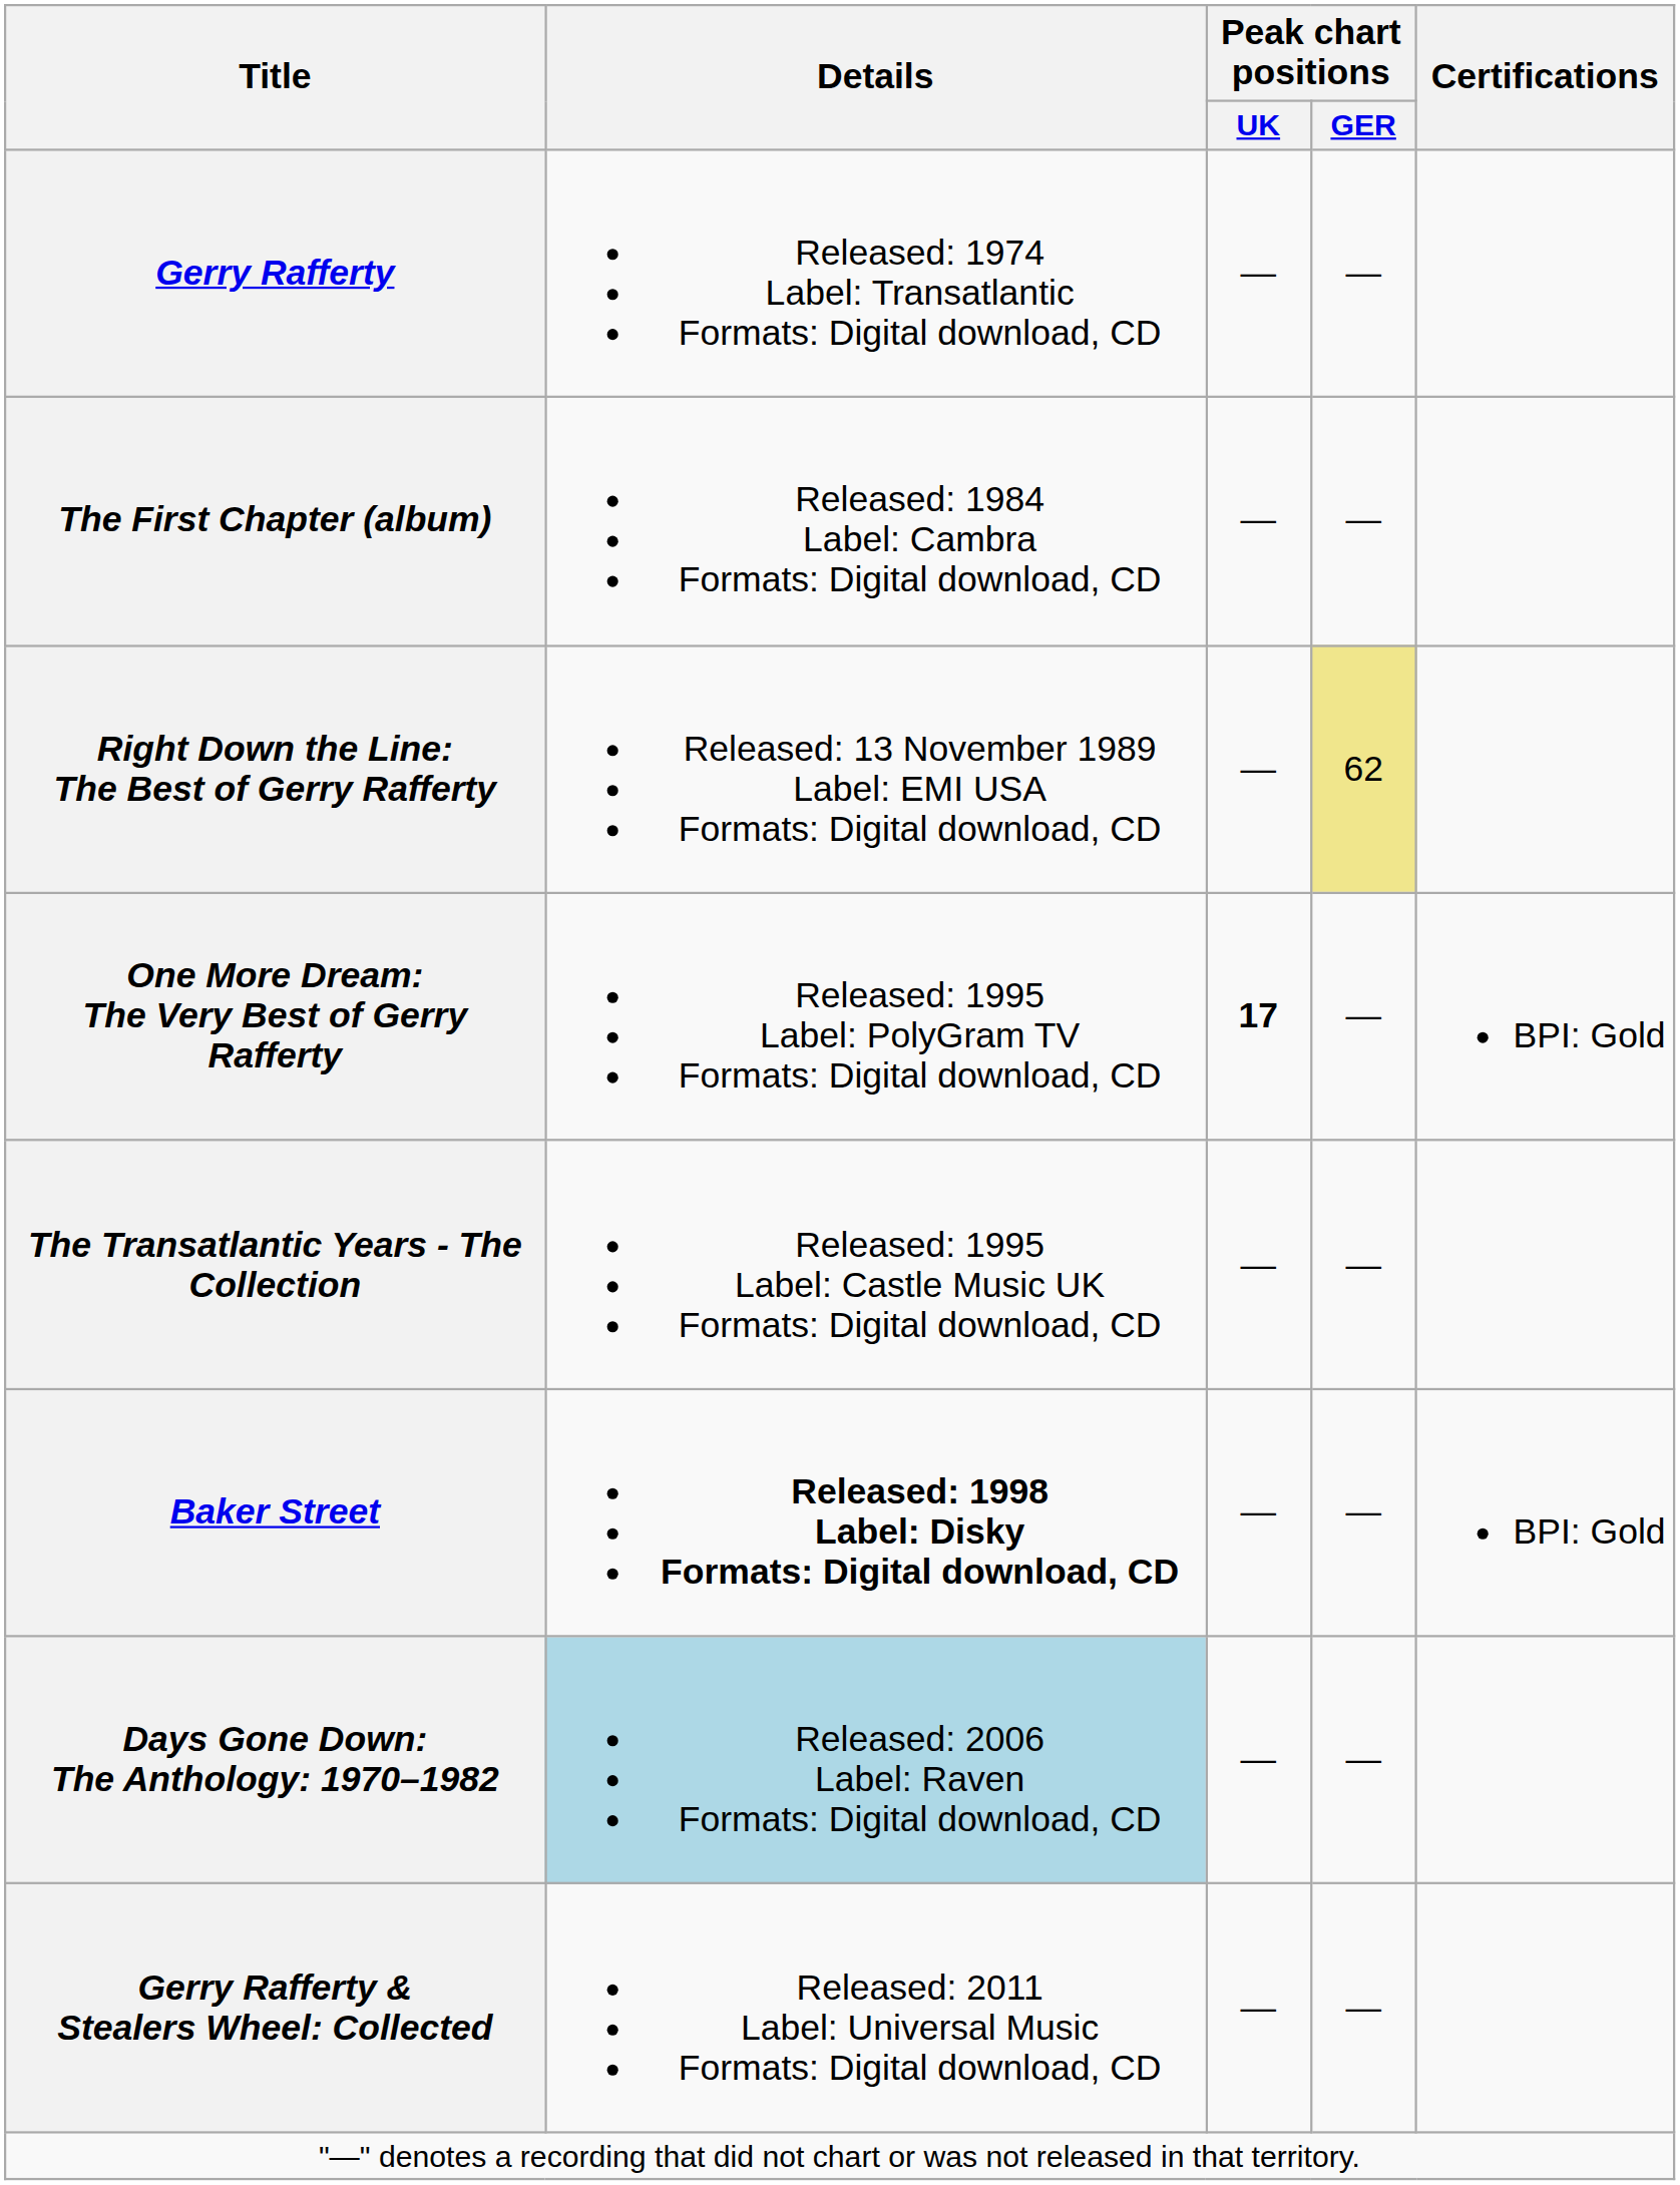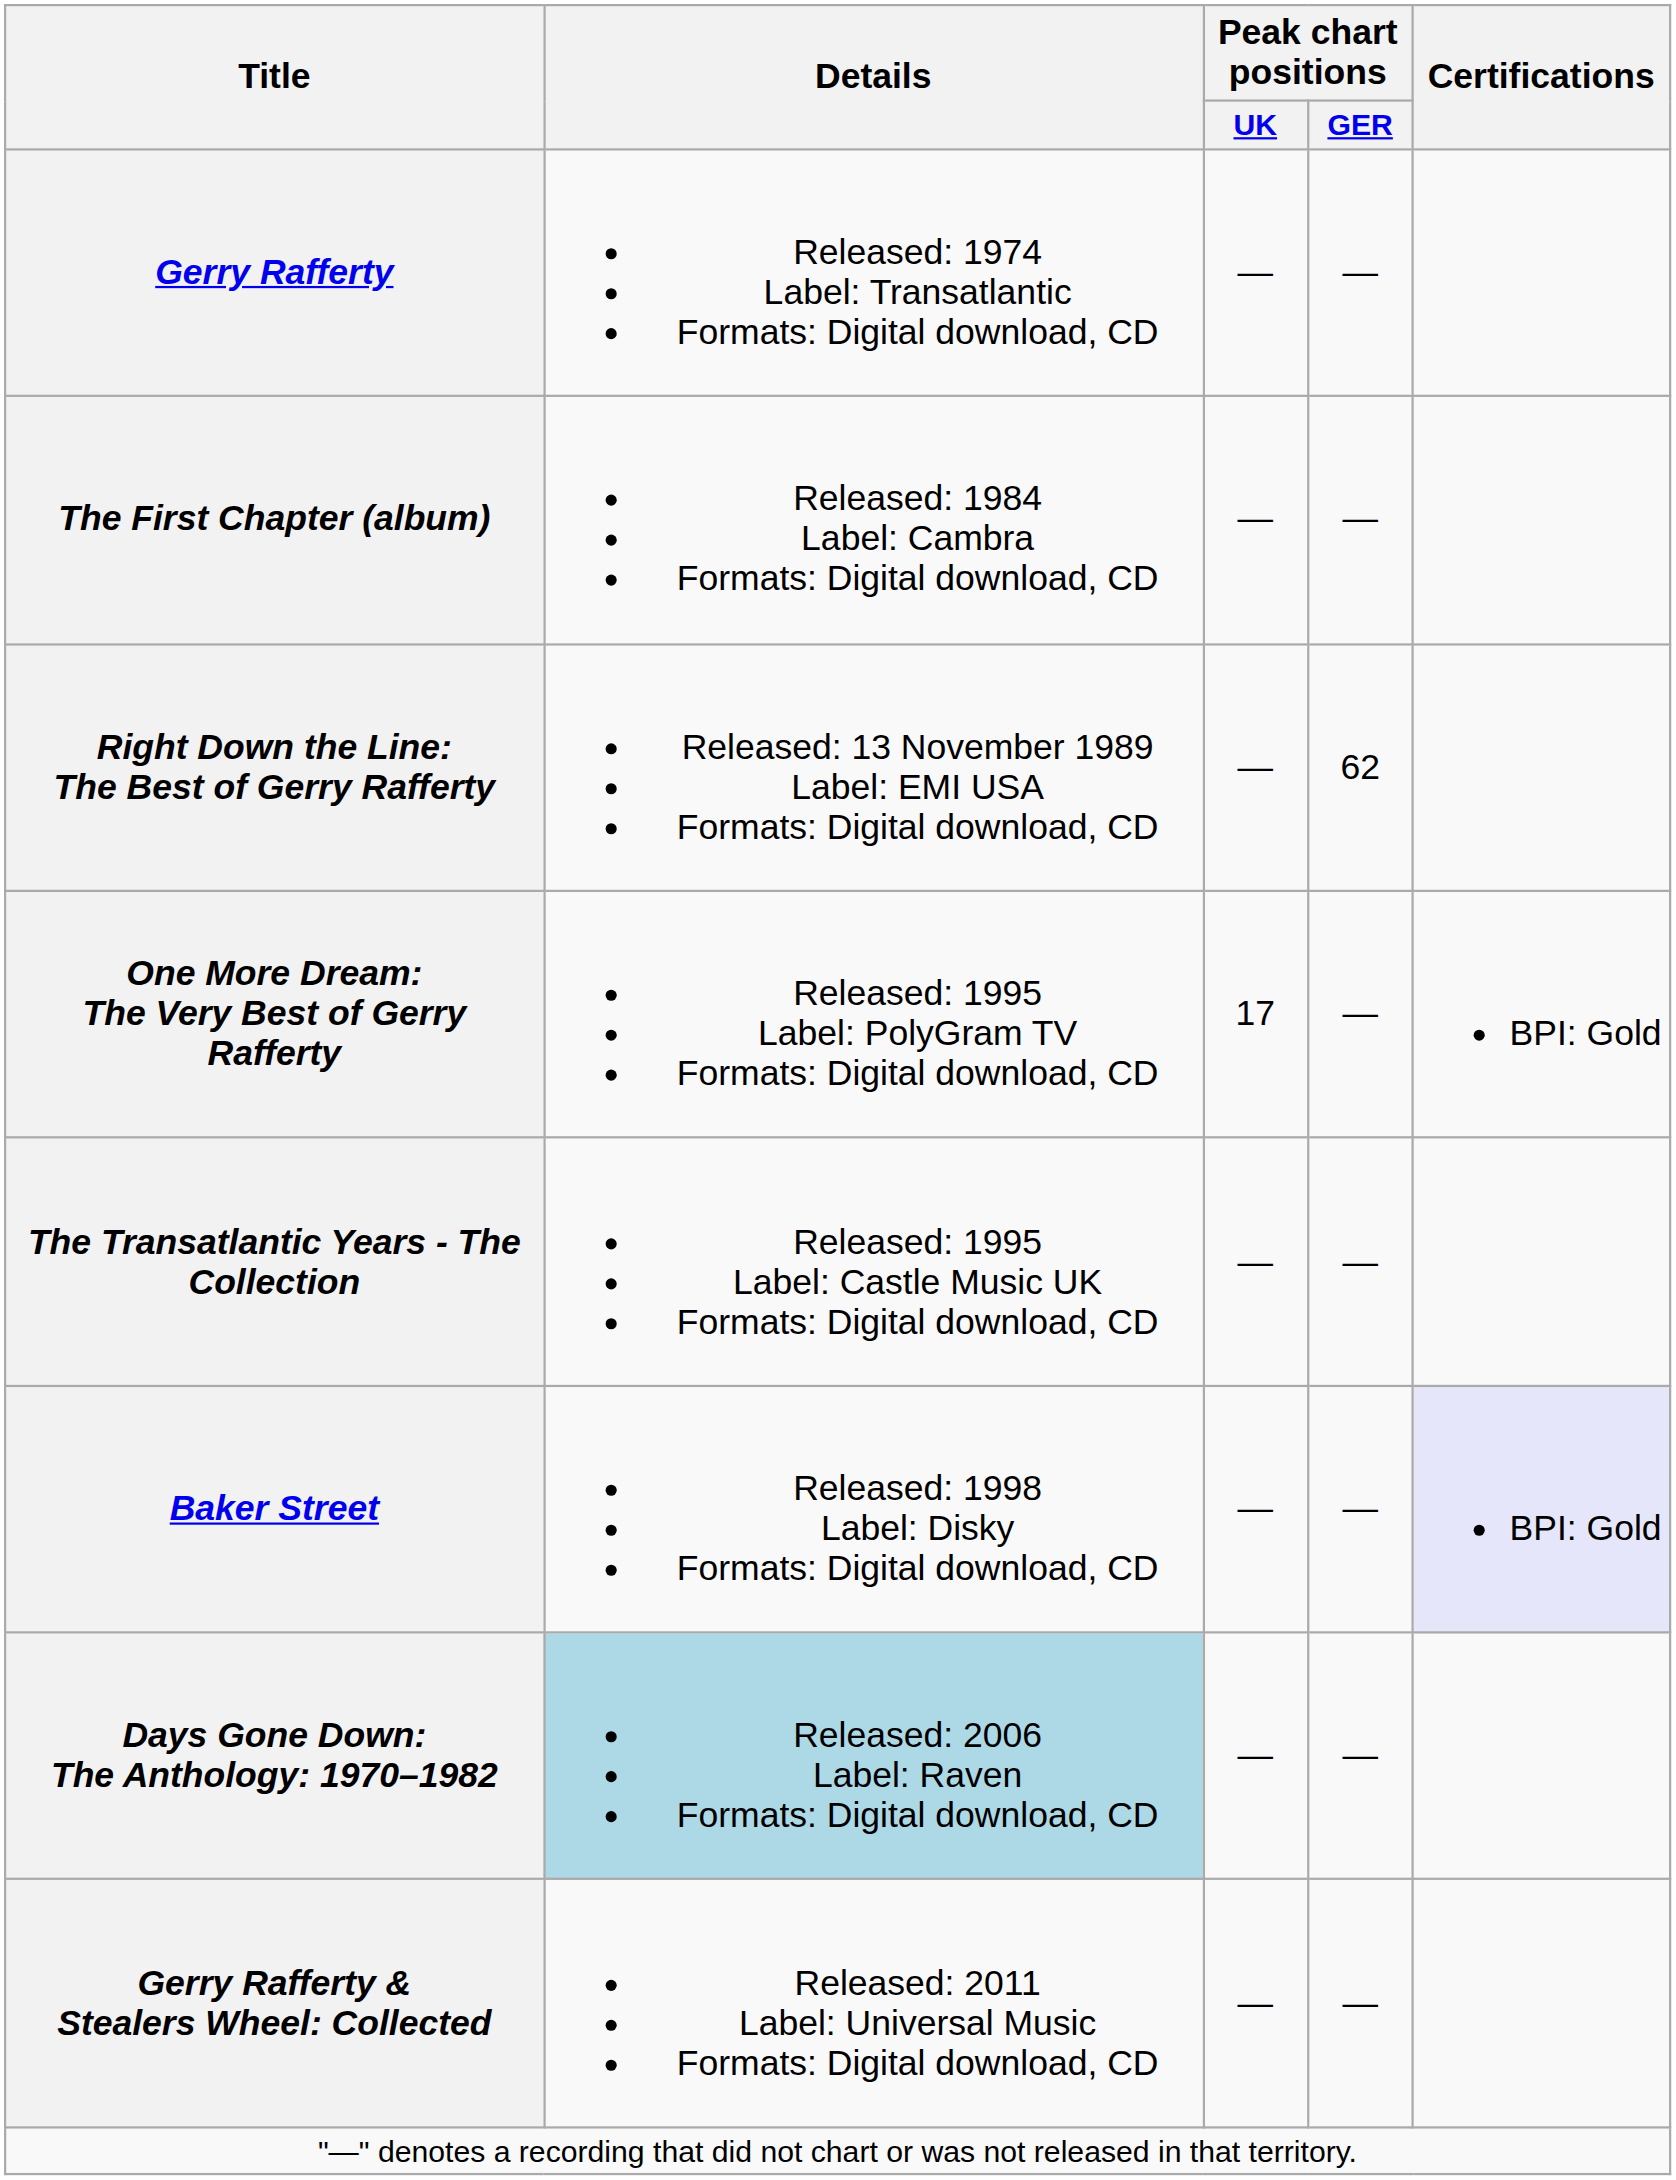 <table class="wikitable plainrowheaders" style="text-align:center;">
 <tr>
 <th scope="col" rowspan="2" style="width:14.7em;">Title</th>
 <th scope="col" rowspan="2" style="width:18.1em;">Details</th>
 <th scope="col" colspan="2">Peak chart positions</th>
 <th scope="col" rowspan="2">Certifications</th>
 </tr>
 <tr>
 <th scope="col" style="width:3em;font-size:85%;"><a href='#'>UK</a><br></th>
 <th scope="col" style="width:3em;font-size:85%;"><a href='#'>GER</a><br></th>
 </tr>
 <tr>
 <th scope="row"><em><a href='#'>Gerry Rafferty</a></em></th>
 <td><br><ul><li>Released: 1974</li><li>Label: Transatlantic</li><li>Formats: Digital download, CD</li></ul></td>
 <td>—</td>
 <td>—</td>
 <td></td>
 </tr>
 <tr>
 <th scope="row"><em>The First Chapter (album)</em></th>
 <td><br><ul><li>Released: 1984</li><li>Label: Cambra</li><li>Formats: Digital download, CD</li></ul></td>
 <td>—</td>
 <td>—</td>
 <td></td>
 </tr>
 <tr>
 <th scope="row"><em>Right Down the Line:<br>The Best of Gerry Rafferty</em></th>
 <td><br><ul><li>Released: 13 November 1989</li><li>Label: EMI USA</li><li>Formats: Digital download, CD</li></ul></td>
 <td>—</td>
-<td style="background: khaki;">62</td>
+<td>62</td>
 <td></td>
 </tr>
 <tr>
 <th scope="row"><em>One More Dream:<br>The Very Best of Gerry Rafferty</em></th>
 <td><br><ul><li>Released: 1995</li><li>Label: PolyGram TV</li><li>Formats: Digital download, CD</li></ul></td>
-<td><strong>17</strong></td>
+<td>17</td>
 <td>—</td>
 <td><br><ul><li>BPI: Gold</li></ul></td>
 </tr>
 <tr>
 <th scope="row"><em>The Transatlantic Years - The Collection</em></th>
 <td><br><ul><li>Released: 1995</li><li>Label: Castle Music UK</li><li>Formats: Digital download, CD</li></ul></td>
 <td>—</td>
 <td>—</td>
 <td></td>
 </tr>
 <tr>
 <th scope="row"><em><a href='#'>Baker Street</a></em></th>
-<td><strong><br><ul><li>Released: 1998</li><li>Label: Disky</li><li>Formats: Digital download, CD</li></ul></strong></td>
+<td><br><ul><li>Released: 1998</li><li>Label: Disky</li><li>Formats: Digital download, CD</li></ul></td>
 <td>—</td>
 <td>—</td>
-<td><br><ul><li>BPI: Gold</li></ul></td>
+<td style="background: lavender;"><br><ul><li>BPI: Gold</li></ul></td>
 </tr>
 <tr>
 <th scope="row"><em>Days Gone Down:<br>The Anthology: 1970–1982</em></th>
 <td style="background: lightblue;"><br><ul><li>Released: 2006</li><li>Label: Raven</li><li>Formats: Digital download, CD</li></ul></td>
 <td>—</td>
 <td>—</td>
 <td></td>
 </tr>
 <tr>
 <th scope="row"><em>Gerry Rafferty &<br>Stealers Wheel: Collected</em></th>
 <td><br><ul><li>Released: 2011</li><li>Label: Universal Music</li><li>Formats: Digital download, CD</li></ul></td>
 <td>—</td>
 <td>—</td>
 <td></td>
 </tr>
 <tr>
 <td colspan="15" style="font-size:85%">"—" denotes a recording that did not chart or was not released in that territory.</td>
 </tr>
 </table>
